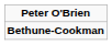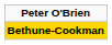 <table class=wikitable>
 <tr align=center>
 <td><strong>Peter O'Brien</strong></td>
 </tr>
 <tr align=center>
-<td><strong>Bethune-Cookman</strong></td>
+<td style="background: gold;"><strong>Bethune-Cookman</strong></td>
 </tr>
 </table>
